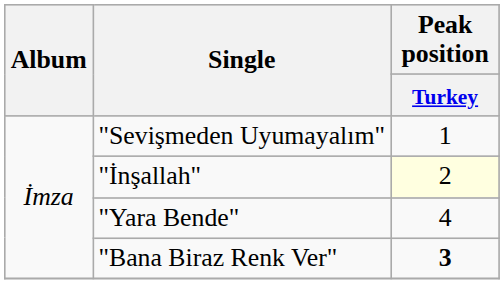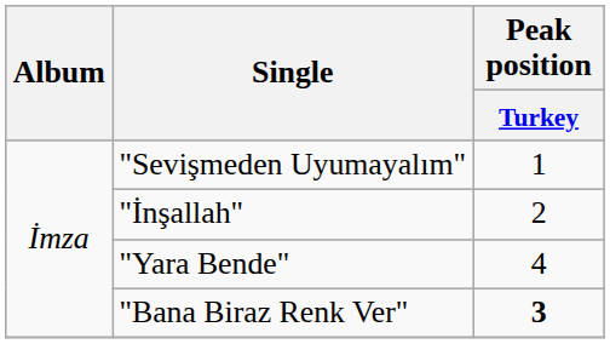 <table class="wikitable">
 <tr>
 <th rowspan="2">Album</th>
 <th rowspan="2">Single</th>
 <th colspan="4">Peak position</th>
 </tr>
 <tr>
 <th width="60"><small><a href='#'>Turkey</a></small></th>
 </tr>
 <tr>
 <td align="center" rowspan="4"><em>İmza</em></td>
 <td align="left">"Sevişmeden Uyumayalım"</td>
 <td align="center">1</td>
 </tr>
 <tr>
 <td align="left">"İnşallah"</td>
-<td align="center" style="background: lightyellow;">2</td>
+<td align="center">2</td>
 </tr>
 <tr>
 <td align="left">"Yara Bende"</td>
 <td align="center">4</td>
 </tr>
 <tr>
 <td align="left">"Bana Biraz Renk Ver"</td>
 <td align="center"><strong>3</strong></td>
 </tr>
 <tr>
 </tr>
 </table>
